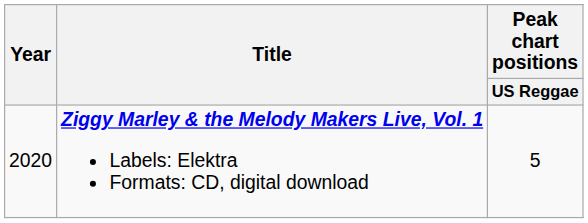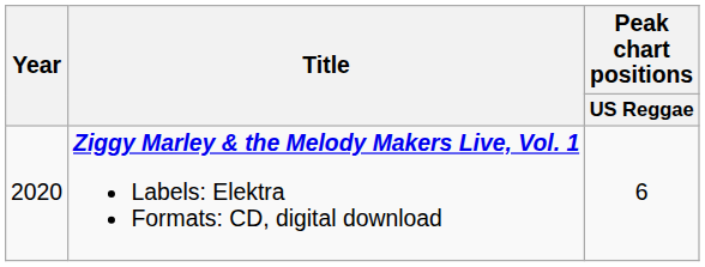 <table class="wikitable" style="text-align:center;">
 <tr>
 <th rowspan="2">Year</th>
 <th rowspan="2">Title</th>
 <th colspan="1">Peak chart positions</th>
 </tr>
 <tr>
 <th style="width:3em;font-size:85%;">US Reggae</th>
 </tr>
 <tr>
 <td>2020</td>
 <td align="left"><strong><em><a href='#'>Ziggy Marley & the Melody Makers Live, Vol. 1</a></em></strong><br><ul><li>Labels: Elektra</li><li>Formats: CD, digital download</li></ul></td>
-<td>5</td>
+<td>6</td>
 </tr>
 </table>
